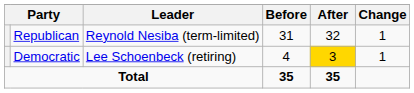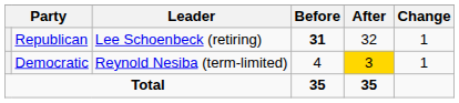 <table class="wikitable" style="text-align:center;">
 <tr>
 </tr>
 <tr>
 <th colspan="2">Party</th>
 <th>Leader</th>
 <th style="width:3em">Before</th>
 <th style="width:3em">After</th>
 <th style="width:3em">Change</th>
 </tr>
 <tr>
 <th style="background-color:"></th>
 <td style="text-align:left;"><a href='#'>Republican</a></td>
-<td style="text-align:left;"><a href='#'>Reynold Nesiba</a> (term-limited)</td>
-<td>31</td>
+<td style="text-align:left;"><a href='#'>Lee Schoenbeck</a> (retiring)</td>
+<td><strong>31</strong></td>
 <td>32</td>
 <td> 1</td>
 </tr>
 <tr>
 <th style="background-color:"></th>
 <td style="text-align:left;"><a href='#'>Democratic</a></td>
-<td style="text-align:left;"><a href='#'>Lee Schoenbeck</a> (retiring)</td>
+<td style="text-align:left;"><a href='#'>Reynold Nesiba</a> (term-limited)</td>
 <td>4</td>
 <td style="background: gold;">3</td>
 <td> 1</td>
 </tr>
 <tr>
 <td colspan="3"><strong>Total</strong></td>
 <td><strong>35</strong></td>
 <td><strong>35</strong></td>
 <td></td>
 </tr>
 </table>
